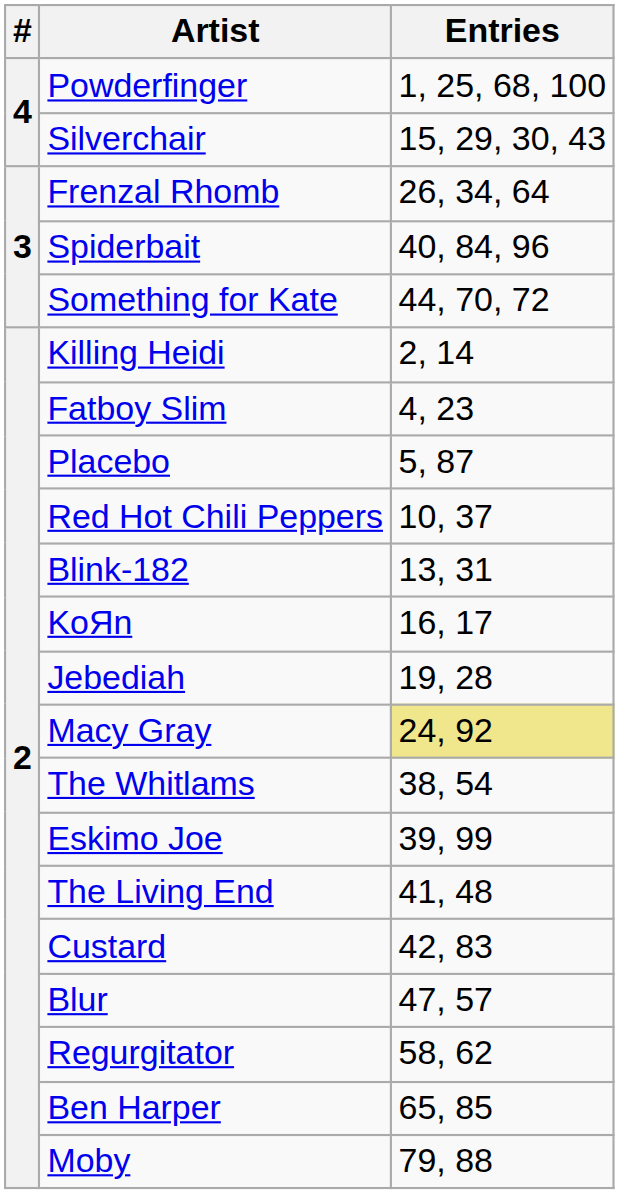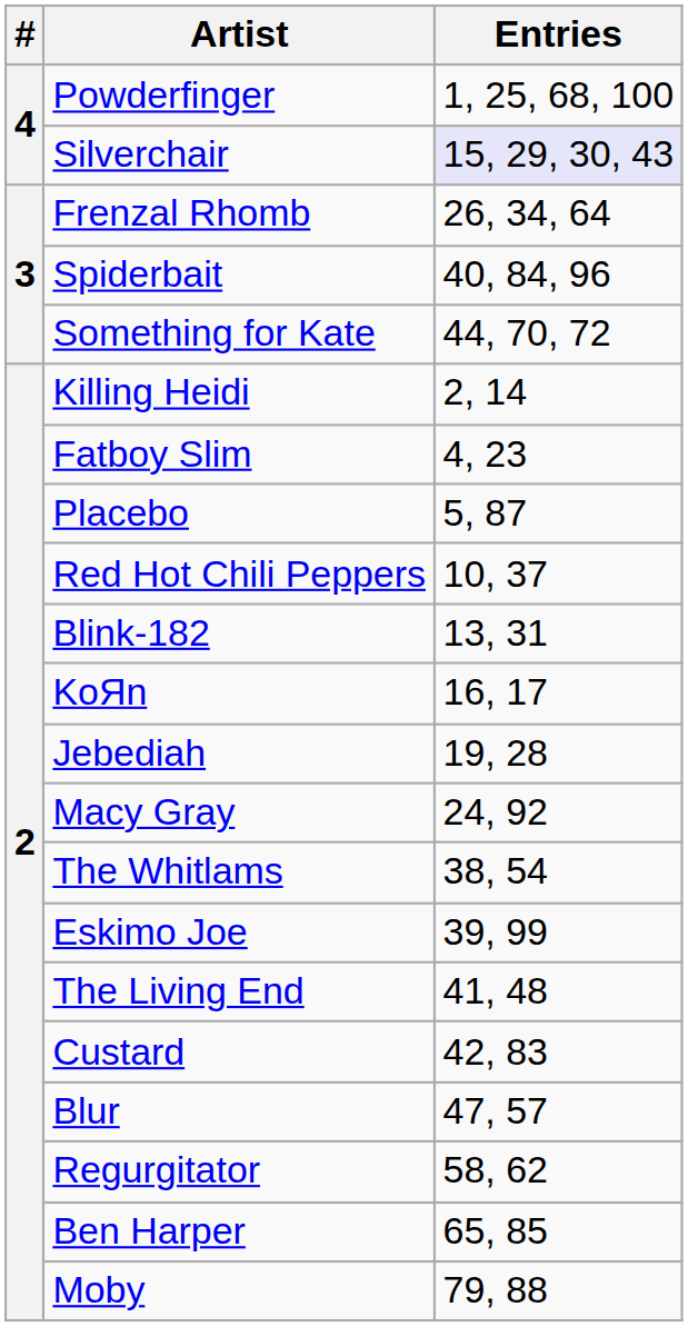 <table class="wikitable sortable">
 <tr>
 <th>#</th>
 <th>Artist</th>
 <th>Entries</th>
 </tr>
 <tr>
 <th rowspan="2">4</th>
 <td><a href='#'>Powderfinger</a></td>
 <td>1, 25, 68, 100</td>
 </tr>
 <tr>
 <td><a href='#'>Silverchair</a></td>
-<td>15, 29, 30, 43</td>
+<td style="background: lavender;">15, 29, 30, 43</td>
 </tr>
 <tr>
 <th rowspan="3">3</th>
 <td><a href='#'>Frenzal Rhomb</a></td>
 <td>26, 34, 64</td>
 </tr>
 <tr>
 <td><a href='#'>Spiderbait</a></td>
 <td>40, 84, 96</td>
 </tr>
 <tr>
 <td><a href='#'>Something for Kate</a></td>
 <td>44, 70, 72</td>
 </tr>
 <tr>
 <th rowspan="16">2</th>
 <td><a href='#'>Killing Heidi</a></td>
 <td>2, 14</td>
 </tr>
 <tr>
 <td><a href='#'>Fatboy Slim</a></td>
 <td>4, 23</td>
 </tr>
 <tr>
 <td><a href='#'>Placebo</a></td>
 <td>5, 87</td>
 </tr>
 <tr>
 <td><a href='#'>Red Hot Chili Peppers</a></td>
 <td>10, 37</td>
 </tr>
 <tr>
 <td><a href='#'>Blink-182</a></td>
 <td>13, 31</td>
 </tr>
 <tr>
 <td><a href='#'>KoЯn</a></td>
 <td>16, 17</td>
 </tr>
 <tr>
 <td><a href='#'>Jebediah</a></td>
 <td>19, 28</td>
 </tr>
 <tr>
 <td><a href='#'>Macy Gray</a></td>
-<td style="background: khaki;">24, 92</td>
+<td>24, 92</td>
 </tr>
 <tr>
 <td><a href='#'>The Whitlams</a></td>
 <td>38, 54</td>
 </tr>
 <tr>
 <td><a href='#'>Eskimo Joe</a></td>
 <td>39, 99</td>
 </tr>
 <tr>
 <td><a href='#'>The Living End</a></td>
 <td>41, 48</td>
 </tr>
 <tr>
 <td><a href='#'>Custard</a></td>
 <td>42, 83</td>
 </tr>
 <tr>
 <td><a href='#'>Blur</a></td>
 <td>47, 57</td>
 </tr>
 <tr>
 <td><a href='#'>Regurgitator</a></td>
 <td>58, 62</td>
 </tr>
 <tr>
 <td><a href='#'>Ben Harper</a></td>
 <td>65, 85</td>
 </tr>
 <tr>
 <td><a href='#'>Moby</a></td>
 <td>79, 88</td>
 </tr>
 </table>
